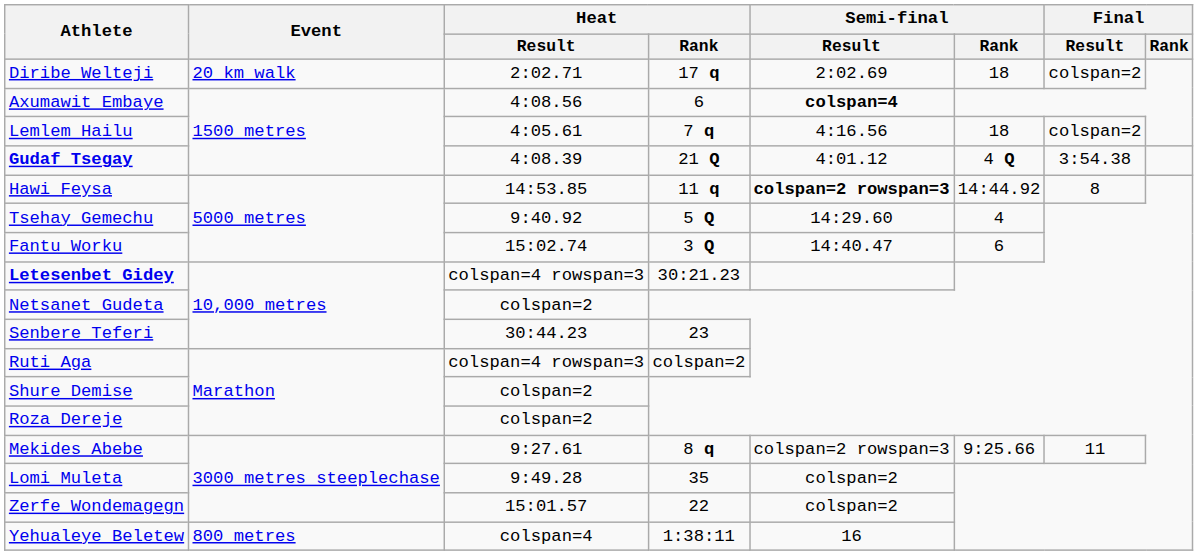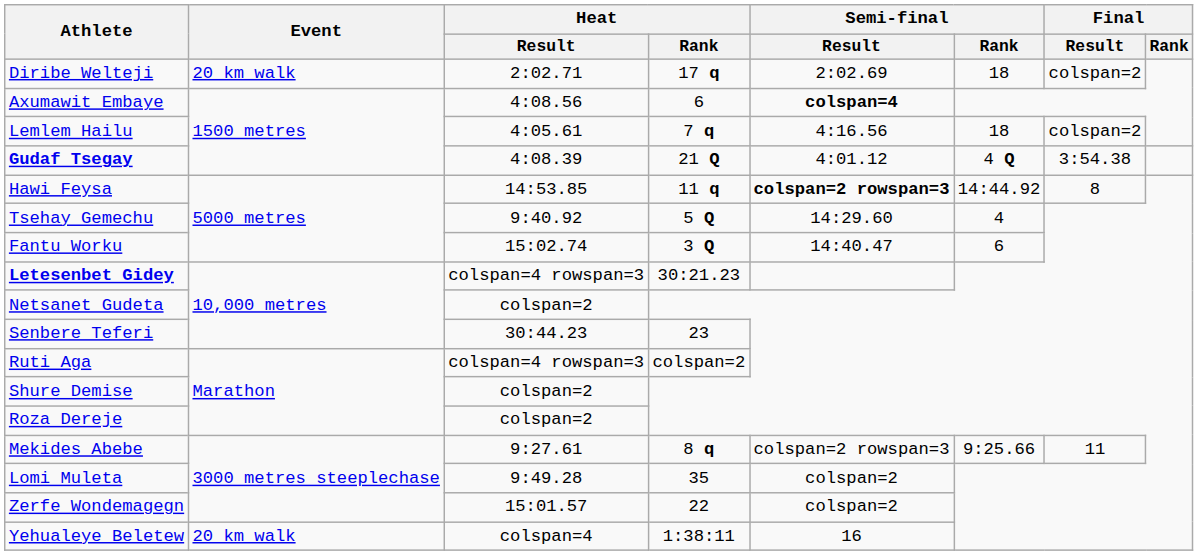 <table class="wikitable" style="font-size:90%">
 <tr>
 <th rowspan="2">Athlete</th>
 <th rowspan="2">Event</th>
 <th colspan="2">Heat</th>
 <th colspan="2">Semi-final</th>
 <th colspan="2">Final</th>
 </tr>
 <tr style="font-size:95%">
 <th>Result</th>
 <th>Rank</th>
 <th>Result</th>
 <th>Rank</th>
 <th>Result</th>
 <th>Rank</th>
 </tr>
 <tr style=text-align:center>
 <td style=text-align:left><a href='#'>Diribe Welteji</a></td>
 <td style=text-align:left><a href='#'>20 km walk</a></td>
 <td>2:02.71</td>
 <td>17 <strong>q</strong></td>
 <td>2:02.69</td>
 <td>18</td>
 <td>colspan=2 </td>
 </tr>
 <tr style=text-align:center>
 <td style=text-align:left><a href='#'>Axumawit Embaye</a></td>
 <td style=text-align:left rowspan=3><a href='#'>1500 metres</a></td>
 <td>4:08.56</td>
 <td>6</td>
 <td><strong>colspan=4 </strong></td>
 </tr>
 <tr align=center>
 <td style=text-align:left><a href='#'>Lemlem Hailu</a></td>
 <td>4:05.61</td>
 <td>7 <strong>q</strong></td>
 <td>4:16.56</td>
 <td>18</td>
 <td>colspan=2 </td>
 </tr>
 <tr align=center>
 <td style=text-align:left><strong><a href='#'>Gudaf Tsegay</a></strong></td>
 <td>4:08.39</td>
 <td>21 <strong>Q</strong></td>
 <td>4:01.12</td>
 <td>4 <strong>Q</strong></td>
 <td>3:54.38 </td>
 <td></td>
 </tr>
 <tr style=text-align:center>
 <td style=text-align:left><a href='#'>Hawi Feysa</a></td>
 <td style=text-align:left rowspan=3><a href='#'>5000 metres</a></td>
 <td>14:53.85</td>
 <td>11 <strong>q</strong></td>
 <td><strong>colspan=2 rowspan=3</strong></td>
 <td>14:44.92</td>
 <td>8</td>
 </tr>
 <tr align=center>
 <td style=text-align:left><a href='#'>Tsehay Gemechu</a></td>
 <td>9:40.92</td>
 <td>5 <strong>Q</strong></td>
 <td>14:29.60 </td>
 <td>4</td>
 </tr>
 <tr align=center>
 <td style=text-align:left><a href='#'>Fantu Worku</a></td>
 <td>15:02.74</td>
 <td>3 <strong>Q</strong></td>
 <td>14:40.47 </td>
 <td>6</td>
 </tr>
 <tr style=text-align:center>
 <td style=text-align:left><strong><a href='#'>Letesenbet Gidey</a></strong></td>
 <td style=text-align:left rowspan=3><a href='#'>10,000 metres</a></td>
 <td>colspan=4 rowspan=3</td>
 <td>30:21.23 </td>
 <td></td>
 </tr>
 <tr align=center>
 <td style=text-align:left><a href='#'>Netsanet Gudeta</a></td>
 <td>colspan=2</td>
 </tr>
 <tr align=center>
 <td style=text-align:left><a href='#'>Senbere Teferi</a></td>
 <td>30:44.23 </td>
 <td>23</td>
 </tr>
 <tr style=text-align:center>
 <td style=text-align:left><a href='#'>Ruti Aga</a></td>
 <td style=text-align:left rowspan=3><a href='#'>Marathon</a></td>
 <td>colspan=4 rowspan=3</td>
 <td>colspan=2</td>
 </tr>
 <tr align=center>
 <td style=text-align:left><a href='#'>Shure Demise</a></td>
 <td>colspan=2</td>
 </tr>
 <tr align=center>
 <td style=text-align:left><a href='#'>Roza Dereje</a></td>
 <td>colspan=2</td>
 </tr>
 <tr style=text-align:center>
 <td style=text-align:left><a href='#'>Mekides Abebe</a></td>
 <td style=text-align:left rowspan=3><a href='#'>3000 metres steeplechase</a></td>
 <td>9:27.61 </td>
 <td>8 <strong>q</strong></td>
 <td>colspan=2 rowspan=3</td>
 <td>9:25.66 </td>
 <td>11</td>
 </tr>
 <tr align=center>
 <td style=text-align:left><a href='#'>Lomi Muleta</a></td>
 <td>9:49.28</td>
 <td>35</td>
 <td>colspan=2 </td>
 </tr>
 <tr align=center>
 <td style=text-align:left><a href='#'>Zerfe Wondemagegn</a></td>
 <td>15:01.57</td>
 <td>22</td>
 <td>colspan=2 </td>
 </tr>
 <tr style=text-align:center>
 <td style=text-align:left><a href='#'>Yehualeye Beletew</a></td>
-<td style=text-align:left><a href='#'>800 metres</a></td>
+<td style=text-align:left><a href='#'>20 km walk</a></td>
 <td>colspan=4</td>
 <td>1:38:11</td>
 <td>16</td>
 </tr>
 </table>
